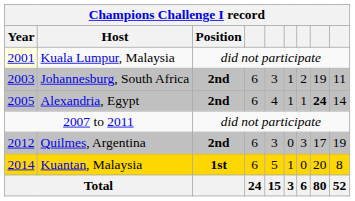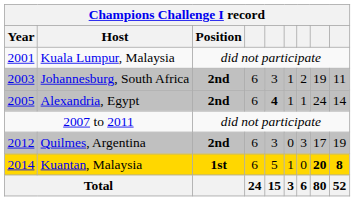 <table class="wikitable" style="text-align: center;">
 <tr>
 <th colspan=9><a href='#'>Champions Challenge I</a> record</th>
 </tr>
 <tr>
 <th>Year</th>
 <th>Host</th>
 <th>Position</th>
 <th></th>
 <th></th>
 <th></th>
 <th></th>
 <th></th>
 <th></th>
 </tr>
 <tr>
-<td style="background: lightyellow;"><a href='#'>2001</a></td>
+<td><a href='#'>2001</a></td>
 <td align=left> <a href='#'>Kuala Lumpur</a>, Malaysia</td>
 <td colspan=7><em>did not participate</em></td>
 </tr>
 <tr bgcolor=silver>
 <td><a href='#'>2003</a></td>
 <td align=left> <a href='#'>Johannesburg</a>, South Africa</td>
 <td><strong>2nd</strong></td>
 <td>6</td>
 <td>3</td>
 <td>1</td>
 <td>2</td>
 <td>19</td>
 <td>11</td>
 </tr>
 <tr bgcolor=silver>
 <td><a href='#'>2005</a></td>
 <td align=left> <a href='#'>Alexandria</a>, Egypt</td>
 <td><strong>2nd</strong></td>
 <td>6</td>
-<td>4</td>
+<td><strong>4</strong></td>
 <td>1</td>
 <td>1</td>
-<td><strong>24</strong></td>
+<td>24</td>
 <td>14</td>
 </tr>
 <tr>
 <td colspan=2><a href='#'>2007</a> to <a href='#'>2011</a></td>
 <td colspan=7><em>did not participate</em></td>
 </tr>
 <tr bgcolor=silver>
 <td><a href='#'>2012</a></td>
 <td align=left> <a href='#'>Quilmes</a>, Argentina</td>
 <td><strong>2nd</strong></td>
 <td>6</td>
 <td>3</td>
 <td>0</td>
 <td>3</td>
 <td>17</td>
 <td>19</td>
 </tr>
 <tr bgcolor=gold>
 <td><a href='#'>2014</a></td>
 <td align=left> <a href='#'>Kuantan</a>, Malaysia</td>
 <td><strong>1st</strong></td>
 <td>6</td>
 <td>5</td>
 <td>1</td>
 <td>0</td>
-<td>20</td>
-<td>8</td>
+<td><strong>20</strong></td>
+<td><strong>8</strong></td>
 </tr>
 <tr>
 <th colspan=2>Total</th>
 <th></th>
 <th>24</th>
 <th>15</th>
 <th>3</th>
 <th>6</th>
 <th>80</th>
 <th>52</th>
 </tr>
 </table>
